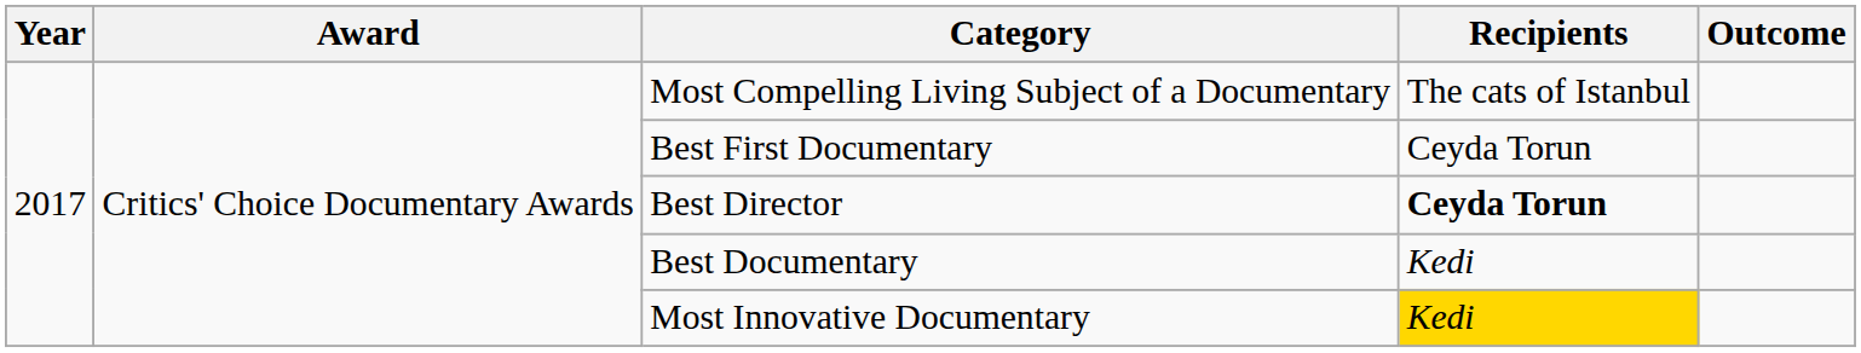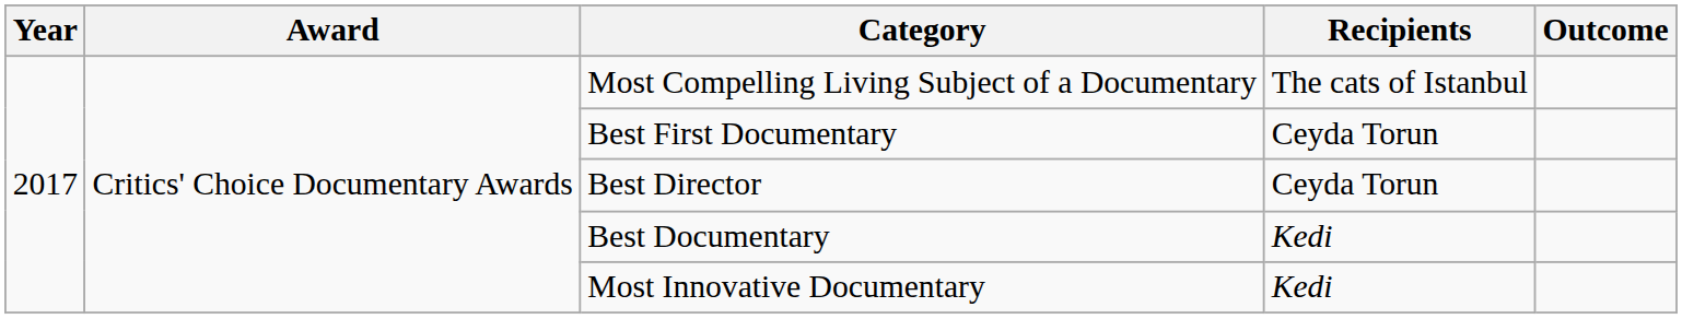 <table class="wikitable sortable">
 <tr>
 <th>Year</th>
 <th>Award</th>
 <th>Category</th>
 <th>Recipients</th>
 <th>Outcome</th>
 </tr>
 <tr>
 <td rowspan="5">2017</td>
 <td rowspan="5">Critics' Choice Documentary Awards</td>
 <td>Most Compelling Living Subject of a Documentary</td>
 <td>The cats of Istanbul</td>
 <td></td>
 </tr>
 <tr>
 <td>Best First Documentary</td>
 <td>Ceyda Torun</td>
 <td></td>
 </tr>
 <tr>
 <td>Best Director</td>
-<td><strong>Ceyda Torun</strong></td>
+<td>Ceyda Torun</td>
 <td></td>
 </tr>
 <tr>
 <td>Best Documentary</td>
 <td><em>Kedi</em></td>
 <td></td>
 </tr>
 <tr>
 <td>Most Innovative Documentary</td>
-<td style="background: gold;"><em>Kedi</em></td>
+<td><em>Kedi</em></td>
 <td></td>
 </tr>
 </table>
